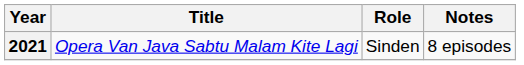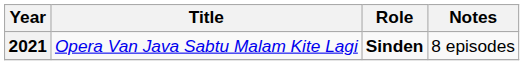 <table class="wikitable plainrowheaders sortable">
 <tr>
 <th scope="col">Year</th>
 <th scope="col">Title</th>
 <th scope="col">Role</th>
 <th scope="col" class="unsortable">Notes</th>
 </tr>
 <tr>
 <th scope="row">2021</th>
 <td><em><a href='#'>Opera Van Java Sabtu Malam Kite Lagi</a></em></td>
-<td>Sinden</td>
+<td><strong>Sinden</strong></td>
 <td>8 episodes</td>
 </tr>
 <tr>
 </tr>
 </table>
